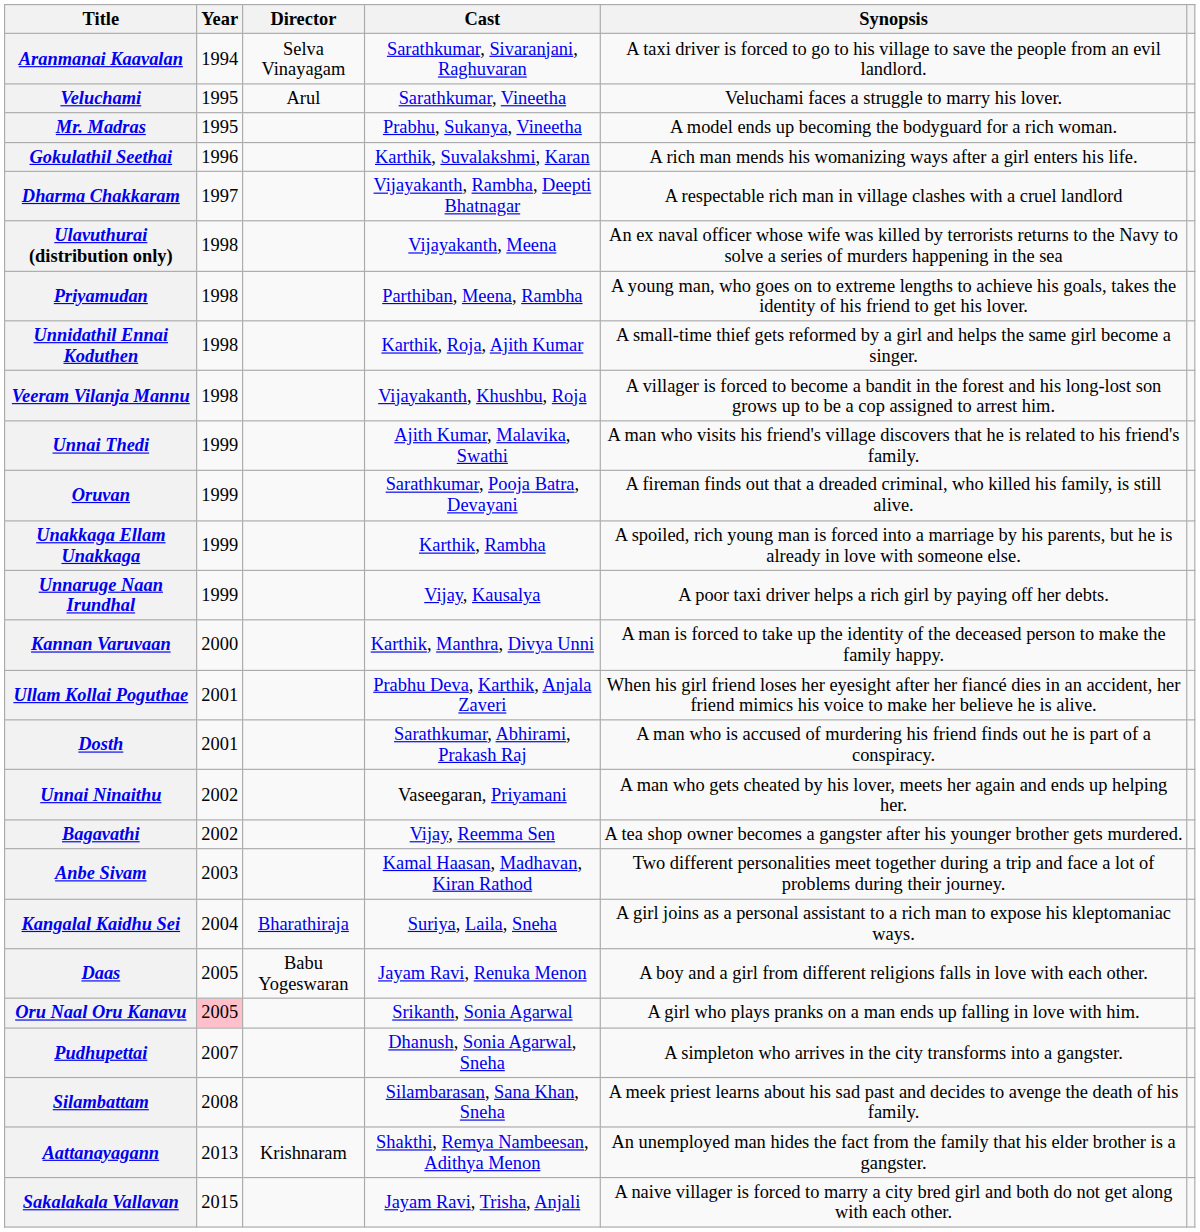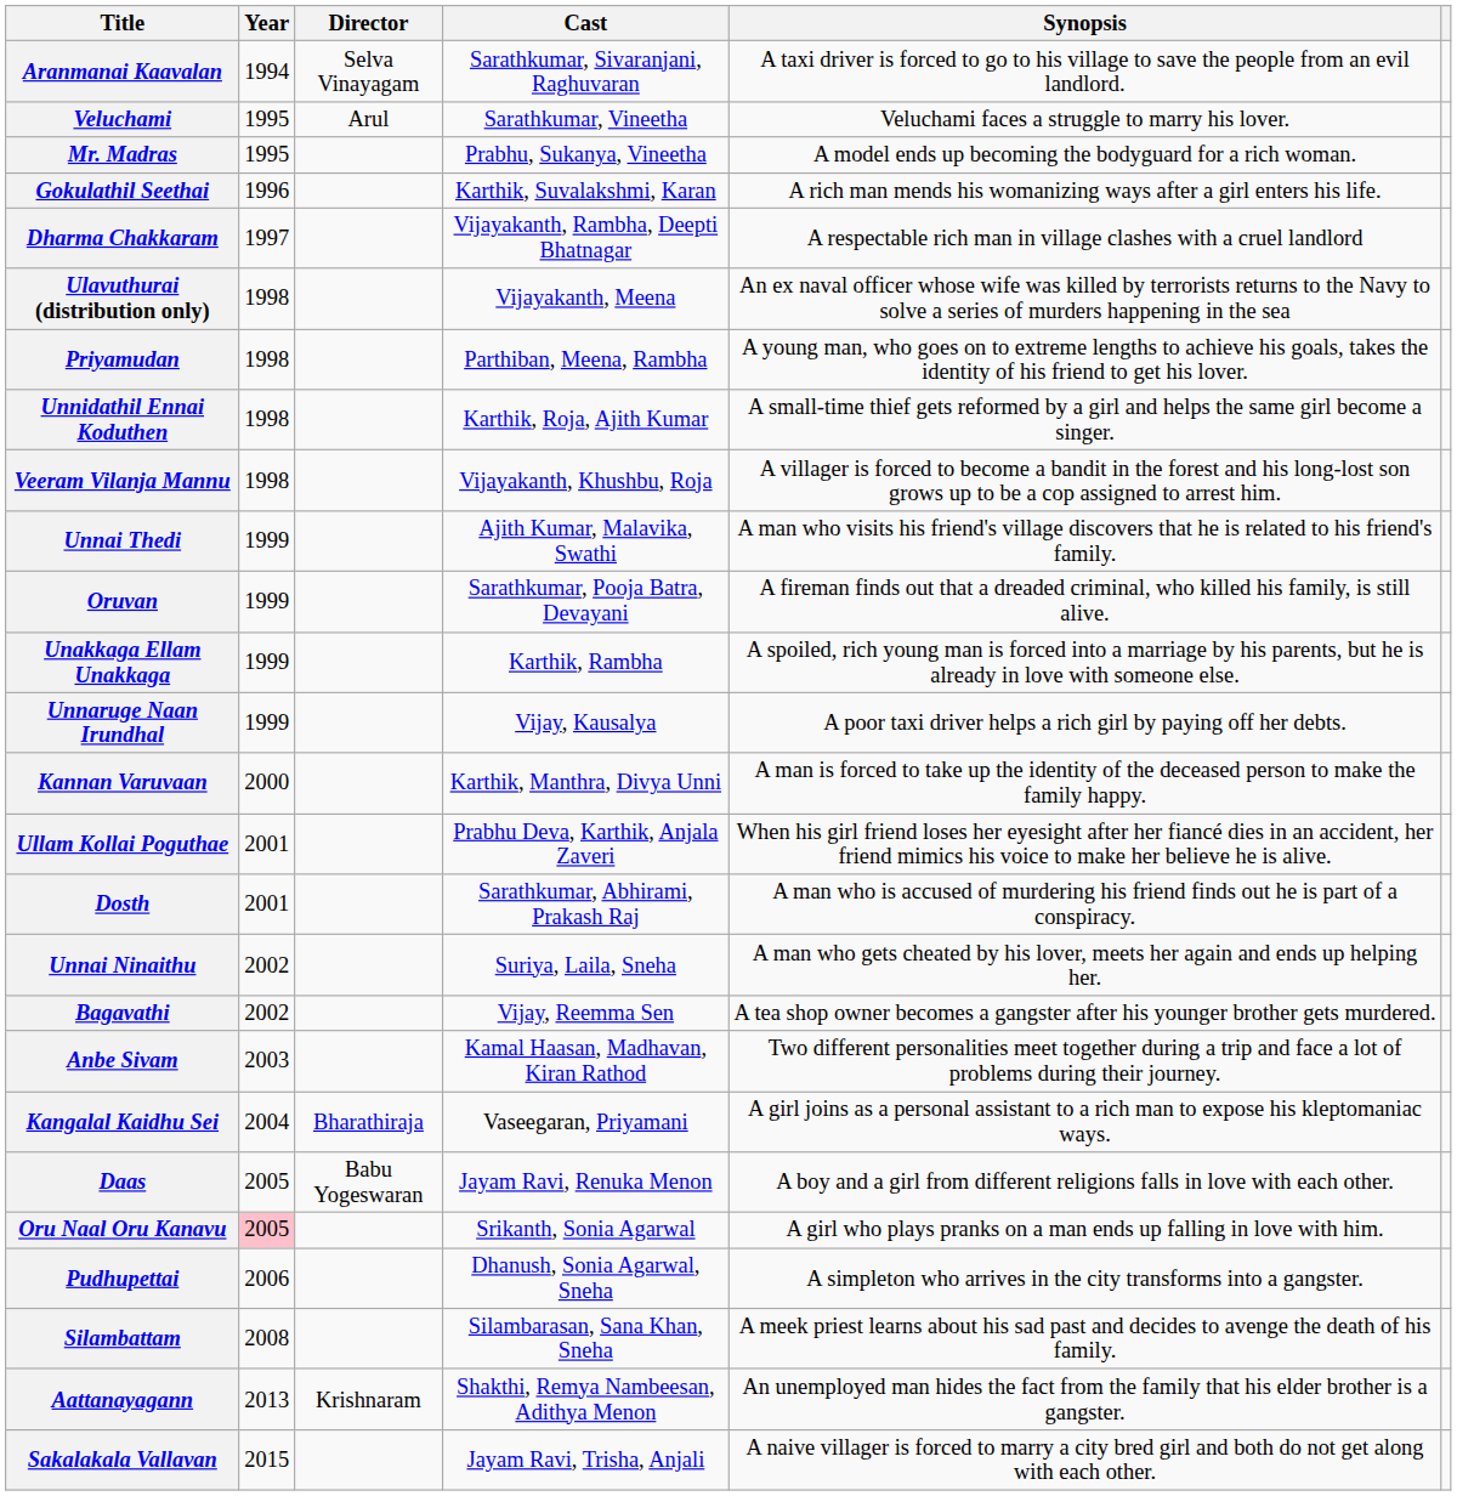 <table class="wikitable plainrowheaders sortable" style="width: 82%; text-align: center;">
 <tr>
 <th scope="col">Title</th>
 <th scope="col">Year</th>
 <th scope="col">Director</th>
 <th scope="col">Cast</th>
 <th scope="col" class="unsortable">Synopsis</th>
 <th scope="col" class="unsortable"></th>
 </tr>
 <tr>
 <th scope="row"><em><a href='#'>Aranmanai Kaavalan</a></em></th>
 <td>1994</td>
 <td>Selva Vinayagam</td>
 <td><a href='#'>Sarathkumar</a>, <a href='#'>Sivaranjani</a>, <a href='#'>Raghuvaran</a></td>
 <td>A taxi driver is forced to go to his village to save the people from an evil landlord.</td>
 <td></td>
 </tr>
 <tr>
 <th scope="row"><em><a href='#'>Veluchami</a></em></th>
 <td>1995</td>
 <td>Arul</td>
 <td><a href='#'>Sarathkumar</a>, <a href='#'>Vineetha</a></td>
 <td>Veluchami faces a struggle to marry his lover.</td>
 <td></td>
 </tr>
 <tr>
 <th scope="row"><em><a href='#'>Mr. Madras</a></em></th>
 <td>1995</td>
 <td></td>
 <td><a href='#'>Prabhu</a>, <a href='#'>Sukanya</a>, <a href='#'>Vineetha</a></td>
 <td>A model ends up becoming the bodyguard for a rich woman.</td>
 <td></td>
 </tr>
 <tr>
 <th scope="row"><em><a href='#'>Gokulathil Seethai</a></em></th>
 <td>1996</td>
 <td></td>
 <td><a href='#'>Karthik</a>, <a href='#'>Suvalakshmi</a>, <a href='#'>Karan</a></td>
 <td>A rich man mends his womanizing ways after a girl enters his life.</td>
 <td></td>
 </tr>
 <tr>
 <th scope="row"><em><a href='#'>Dharma Chakkaram</a></em></th>
 <td>1997</td>
 <td></td>
 <td><a href='#'>Vijayakanth</a>, <a href='#'>Rambha</a>, <a href='#'>Deepti Bhatnagar</a></td>
 <td>A respectable rich man in village clashes with a cruel landlord</td>
 <td></td>
 </tr>
 <tr>
 <th scope="row"><em><a href='#'>Ulavuthurai</a></em> (distribution only)</th>
 <td>1998</td>
 <td></td>
 <td><a href='#'>Vijayakanth</a>, <a href='#'>Meena</a></td>
 <td>An ex naval officer whose wife was killed by terrorists returns to the Navy to solve a series of murders happening in the sea</td>
 <td></td>
 </tr>
 <tr>
 <th scope="row"><em><a href='#'>Priyamudan</a></em></th>
 <td>1998</td>
 <td></td>
 <td><a href='#'>Parthiban</a>, <a href='#'>Meena</a>, <a href='#'>Rambha</a></td>
 <td>A young man, who goes on to extreme lengths to achieve his goals, takes the identity of his friend to get his lover.</td>
 <td></td>
 </tr>
 <tr>
 <th scope="row"><em><a href='#'>Unnidathil Ennai Koduthen</a></em></th>
 <td>1998</td>
 <td></td>
 <td><a href='#'>Karthik</a>, <a href='#'>Roja</a>, <a href='#'>Ajith Kumar</a></td>
 <td>A small-time thief gets reformed by a girl and helps the same girl become a singer.</td>
 <td></td>
 </tr>
 <tr>
 <th scope="row"><em><a href='#'>Veeram Vilanja Mannu</a></em></th>
 <td>1998</td>
 <td></td>
 <td><a href='#'>Vijayakanth</a>, <a href='#'>Khushbu</a>, <a href='#'>Roja</a></td>
 <td>A villager is forced to become a bandit in the forest and his long-lost son grows up to be a cop assigned to arrest him.</td>
 <td></td>
 </tr>
 <tr>
 <th scope="row"><em><a href='#'>Unnai Thedi</a></em></th>
 <td>1999</td>
 <td></td>
 <td><a href='#'>Ajith Kumar</a>, <a href='#'>Malavika</a>, <a href='#'>Swathi</a></td>
 <td>A man who visits his friend's village discovers that he is related to his friend's family.</td>
 <td></td>
 </tr>
 <tr>
 <th scope="row"><em><a href='#'>Oruvan</a></em></th>
 <td>1999</td>
 <td></td>
 <td><a href='#'>Sarathkumar</a>, <a href='#'>Pooja Batra</a>, <a href='#'>Devayani</a></td>
 <td>A fireman finds out that a dreaded criminal, who killed his family, is still alive.</td>
 <td></td>
 </tr>
 <tr>
 <th scope="row"><em><a href='#'>Unakkaga Ellam Unakkaga</a></em></th>
 <td>1999</td>
 <td></td>
 <td><a href='#'>Karthik</a>, <a href='#'>Rambha</a></td>
 <td>A spoiled, rich young man is forced into a marriage by his parents, but he is already in love with someone else.</td>
 <td></td>
 </tr>
 <tr>
 <th scope="row"><em><a href='#'>Unnaruge Naan Irundhal</a></em></th>
 <td>1999</td>
 <td></td>
 <td><a href='#'>Vijay</a>, <a href='#'>Kausalya</a></td>
 <td>A poor taxi driver helps a rich girl by paying off her debts.</td>
 <td></td>
 </tr>
 <tr>
 <th scope="row"><em><a href='#'>Kannan Varuvaan</a></em></th>
 <td>2000</td>
 <td></td>
 <td><a href='#'>Karthik</a>, <a href='#'>Manthra</a>, <a href='#'>Divya Unni</a></td>
 <td>A man is forced to take up the identity of the deceased person to make the family happy.</td>
 <td></td>
 </tr>
 <tr>
 <th scope="row"><em><a href='#'>Ullam Kollai Poguthae</a></em></th>
 <td>2001</td>
 <td></td>
 <td><a href='#'>Prabhu Deva</a>, <a href='#'>Karthik</a>, <a href='#'>Anjala Zaveri</a></td>
 <td>When his girl friend loses her eyesight after her fiancé dies in an accident, her friend mimics his voice to make her believe he is alive.</td>
 <td></td>
 </tr>
 <tr>
 <th scope="row"><em><a href='#'>Dosth</a></em></th>
 <td>2001</td>
 <td></td>
 <td><a href='#'>Sarathkumar</a>, <a href='#'>Abhirami</a>, <a href='#'>Prakash Raj</a></td>
 <td>A man who is accused of murdering his friend finds out he is part of a conspiracy.</td>
 <td></td>
 </tr>
 <tr>
 <th scope="row"><em><a href='#'>Unnai Ninaithu</a></em></th>
 <td>2002</td>
 <td></td>
-<td>Vaseegaran, <a href='#'>Priyamani</a></td>
+<td><a href='#'>Suriya</a>, <a href='#'>Laila</a>, <a href='#'>Sneha</a></td>
 <td>A man who gets cheated by his lover, meets her again and ends up helping her.</td>
 <td></td>
 </tr>
 <tr>
 <th scope="row"><em><a href='#'>Bagavathi</a></em></th>
 <td>2002</td>
 <td></td>
 <td><a href='#'>Vijay</a>, <a href='#'>Reemma Sen</a></td>
 <td>A tea shop owner becomes a gangster after his younger brother gets murdered.</td>
 <td></td>
 </tr>
 <tr>
 <th scope="row"><em><a href='#'>Anbe Sivam</a></em></th>
 <td>2003</td>
 <td></td>
 <td><a href='#'>Kamal Haasan</a>, <a href='#'>Madhavan</a>, <a href='#'>Kiran Rathod</a></td>
 <td>Two different personalities meet together during a trip and face a lot of problems during their journey.</td>
 <td></td>
 </tr>
 <tr>
 <th scope="row"><em><a href='#'>Kangalal Kaidhu Sei</a></em></th>
 <td>2004</td>
 <td><a href='#'>Bharathiraja</a></td>
-<td><a href='#'>Suriya</a>, <a href='#'>Laila</a>, <a href='#'>Sneha</a></td>
+<td>Vaseegaran, <a href='#'>Priyamani</a></td>
 <td>A girl joins as a personal assistant to a rich man to expose his kleptomaniac ways.</td>
 <td></td>
 </tr>
 <tr>
 <th scope="row"><em><a href='#'>Daas</a></em></th>
 <td>2005</td>
 <td>Babu Yogeswaran</td>
 <td><a href='#'>Jayam Ravi</a>, <a href='#'>Renuka Menon</a></td>
 <td>A boy and a girl from different religions falls in love with each other.</td>
 <td></td>
 </tr>
 <tr>
 <th scope="row"><em><a href='#'>Oru Naal Oru Kanavu</a></em></th>
 <td style="background: pink;">2005</td>
 <td></td>
 <td><a href='#'>Srikanth</a>, <a href='#'>Sonia Agarwal</a></td>
 <td>A girl who plays pranks on a man ends up falling in love with him.</td>
 <td></td>
 </tr>
 <tr>
 <th scope="row"><em><a href='#'>Pudhupettai</a></em></th>
-<td>2007</td>
+<td>2006</td>
 <td></td>
 <td><a href='#'>Dhanush</a>, <a href='#'>Sonia Agarwal</a>, <a href='#'>Sneha</a></td>
 <td>A simpleton who arrives in the city transforms into a gangster.</td>
 <td></td>
 </tr>
 <tr>
 <th scope="row"><em><a href='#'>Silambattam</a></em></th>
 <td>2008</td>
 <td></td>
 <td><a href='#'>Silambarasan</a>, <a href='#'>Sana Khan</a>, <a href='#'>Sneha</a></td>
 <td>A meek priest learns about his sad past and decides to avenge the death of his family.</td>
 <td></td>
 </tr>
 <tr>
 <th scope="row"><em><a href='#'>Aattanayagann</a></em></th>
 <td>2013</td>
 <td>Krishnaram</td>
 <td><a href='#'>Shakthi</a>, <a href='#'>Remya Nambeesan</a>, <a href='#'>Adithya Menon</a></td>
 <td>An unemployed man hides the fact from the family that his elder brother is a gangster.</td>
 <td></td>
 </tr>
 <tr>
 <th scope="row"><em><a href='#'>Sakalakala Vallavan</a></em></th>
 <td>2015</td>
 <td></td>
 <td><a href='#'>Jayam Ravi</a>, <a href='#'>Trisha</a>, <a href='#'>Anjali</a></td>
 <td>A naive villager is forced to marry a city bred girl and both do not get along with each other.</td>
 <td></td>
 </tr>
 </table>
